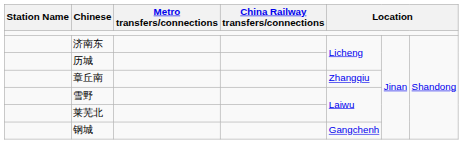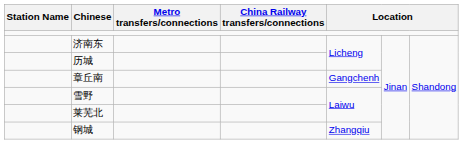 <table class="wikitable">
 <tr>
 <th>Station Name</th>
 <th>Chinese<br></th>
 <th><a href='#'>Metro</a><br>transfers/connections</th>
 <th><a href='#'>China Railway</a><br>transfers/connections</th>
 <th colspan="3">Location</th>
 </tr>
 <tr style="background:#">
 <td colspan = "11"></td>
 </tr>
 <tr>
 <td></td>
 <td>济南东</td>
 <td> </td>
 <td></td>
 <td rowspan="2"><a href='#'>Licheng</a></td>
 <td rowspan="6"><a href='#'>Jinan</a></td>
 <td rowspan="6"><a href='#'>Shandong</a></td>
 </tr>
 <tr>
 <td></td>
 <td>历城</td>
 <td></td>
 <td></td>
 </tr>
 <tr>
 <td></td>
 <td>章丘南</td>
 <td></td>
 <td></td>
-<td><a href='#'>Zhangqiu</a></td>
+<td><a href='#'>Gangchenh</a></td>
 </tr>
 <tr>
 <td></td>
 <td>雪野</td>
 <td></td>
 <td></td>
 <td rowspan="2"><a href='#'>Laiwu</a></td>
 </tr>
 <tr>
 <td></td>
 <td>莱芜北</td>
 <td></td>
 <td></td>
 </tr>
 <tr>
 <td></td>
 <td>钢城</td>
 <td></td>
 <td></td>
-<td><a href='#'>Gangchenh</a></td>
+<td><a href='#'>Zhangqiu</a></td>
 </tr>
 </table>
